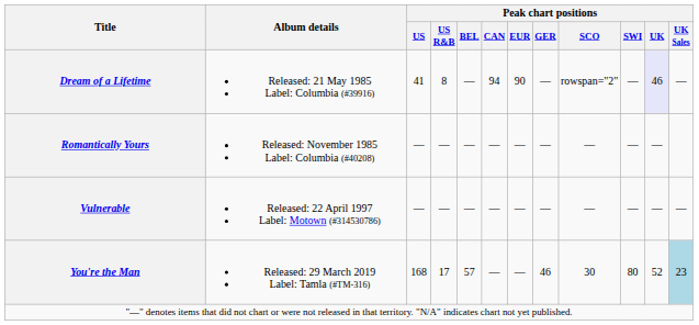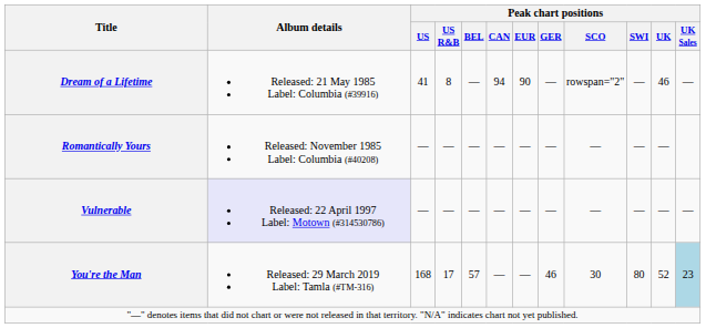 <table class="wikitable plainrowheaders" style="text-align:center;">
 <tr>
 <th scope="col" rowspan="2" style="width:18em;">Title</th>
 <th scope="col" rowspan="2" style="width:18em;">Album details</th>
 <th scope="col" colspan="10">Peak chart positions</th>
 </tr>
 <tr>
 <th style="width:2em;font-size:90%;"><a href='#'>US</a><br></th>
 <th style="width:2em;font-size:90%;"><a href='#'>US<br>R&B</a><br></th>
 <th style="width:2em;font-size:90%;"><a href='#'>BEL</a><br></th>
 <th style="width:2em;font-size:90%;"><a href='#'>CAN</a><br></th>
 <th style="width:2em;font-size:90%;"><a href='#'>EUR</a><br></th>
 <th style="width:2em;font-size:90%;"><a href='#'>GER</a><br></th>
 <th style="width:2em;font-size:90%;"><a href='#'>SCO</a><br></th>
 <th style="width:2em;font-size:90%;"><a href='#'>SWI</a><br></th>
 <th style="width:2em;font-size:90%;"><a href='#'>UK</a><br></th>
 <th style="width:2em;font-size:90%;"><a href='#'>UK<br><small>Sales</small></a><br></th>
 </tr>
 <tr>
 <th scope="row"><em><a href='#'>Dream of a Lifetime</a></em></th>
 <td><br><ul><li>Released: 21 May 1985</li><li>Label: Columbia <small>(#39916)</small></li></ul></td>
 <td>41</td>
 <td>8</td>
 <td>—</td>
 <td>94</td>
 <td>90</td>
 <td>—</td>
 <td>rowspan="2" </td>
 <td>—</td>
-<td style="background: lavender;">46</td>
+<td>46</td>
 <td>—</td>
 </tr>
 <tr>
 <th scope="row"><em><a href='#'>Romantically Yours</a></em></th>
 <td><br><ul><li>Released: November 1985</li><li>Label: Columbia <small>(#40208)</small></li></ul></td>
 <td>—</td>
 <td>—</td>
 <td>—</td>
 <td>—</td>
 <td>—</td>
 <td>—</td>
 <td>—</td>
 <td>—</td>
 <td>—</td>
 </tr>
 <tr>
 <th scope="row"><em><a href='#'>Vulnerable</a></em></th>
-<td><br><ul><li>Released: 22 April 1997</li><li>Label: <a href='#'>Motown</a> <small>(#314530786)</small></li></ul></td>
+<td style="background: lavender;"><br><ul><li>Released: 22 April 1997</li><li>Label: <a href='#'>Motown</a> <small>(#314530786)</small></li></ul></td>
 <td>—</td>
 <td>—</td>
 <td>—</td>
 <td>—</td>
 <td>—</td>
 <td>—</td>
 <td>—</td>
 <td>—</td>
 <td>—</td>
 <td>—</td>
 </tr>
 <tr>
 <th scope="row"><em><a href='#'>You're the Man</a></em></th>
 <td><br><ul><li>Released: 29 March 2019</li><li>Label: Tamla <small>(#TM-316)</small></li></ul></td>
 <td>168</td>
 <td>17</td>
 <td>57</td>
 <td>—</td>
 <td>—</td>
 <td>46</td>
 <td>30</td>
 <td>80</td>
 <td>52</td>
 <td style="background: lightblue;">23</td>
 </tr>
 <tr>
 <td align="center" colspan="15" style="font-size:90%">"—" denotes items that did not chart or were not released in that territory. "N/A" indicates chart not yet published.</td>
 </tr>
 </table>
